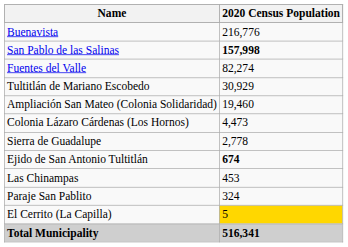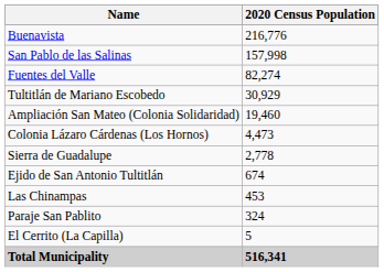 <table class="wikitable">
 <tr style="background:#000000; color:black;">
 <th><strong>Name</strong></th>
 <th><strong>2020 Census Population</strong></th>
 </tr>
 <tr>
 <td><a href='#'>Buenavista</a></td>
 <td>216,776</td>
 </tr>
 <tr>
 <td><a href='#'>San Pablo de las Salinas</a></td>
-<td><strong>157,998</strong></td>
+<td>157,998</td>
 </tr>
 <tr>
 <td><a href='#'>Fuentes del Valle</a></td>
 <td>82,274</td>
 </tr>
 <tr>
 <td>Tultitlán de Mariano Escobedo</td>
 <td>30,929</td>
 </tr>
 <tr>
 <td>Ampliación San Mateo (Colonia Solidaridad)</td>
 <td>19,460</td>
 </tr>
 <tr>
 <td>Colonia Lázaro Cárdenas (Los Hornos)</td>
 <td>4,473</td>
 </tr>
 <tr>
 <td>Sierra de Guadalupe</td>
 <td>2,778</td>
 </tr>
 <tr>
 <td>Ejido de San Antonio Tultitlán</td>
-<td><strong>674</strong></td>
+<td>674</td>
 </tr>
 <tr>
 <td>Las Chinampas</td>
 <td>453</td>
 </tr>
 <tr>
 <td>Paraje San Pablito</td>
 <td>324</td>
 </tr>
 <tr>
 <td>El Cerrito (La Capilla)</td>
-<td style="background: gold;">5</td>
+<td>5</td>
 </tr>
 <tr style="background:#CFCFCF;">
 <td><strong>Total Municipality</strong></td>
 <td><strong>516,341</strong></td>
 </tr>
 </table>
